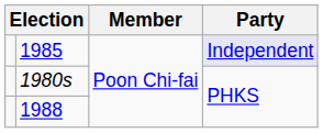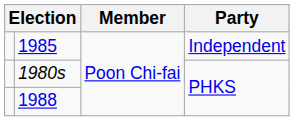 <table class="wikitable">
 <tr>
 <th colspan="2">Election</th>
 <th>Member</th>
 <th>Party</th>
 </tr>
 <tr>
 <td bgcolor=></td>
 <td><a href='#'>1985</a></td>
 <td rowspan="3"><a href='#'>Poon Chi-fai</a></td>
-<td style="background: lavender;"><a href='#'>Independent</a></td>
+<td><a href='#'>Independent</a></td>
 </tr>
 <tr>
 <td bgcolor=></td>
 <td><em>1980s</em></td>
 <td rowspan="2"><a href='#'>PHKS</a></td>
 </tr>
 <tr>
 <td bgcolor=></td>
 <td><a href='#'>1988</a></td>
 </tr>
 </table>
